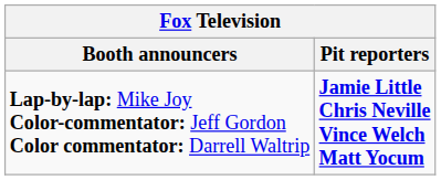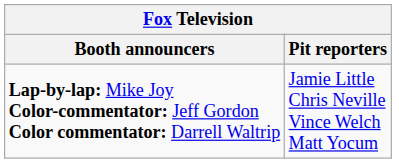 <table class="wikitable" style="font-size: 95%;">
 <tr>
 <th colspan="2"><a href='#'>Fox</a> Television</th>
 </tr>
 <tr>
 <th>Booth announcers</th>
 <th>Pit reporters</th>
 </tr>
 <tr>
 <td><strong>Lap-by-lap:</strong> <a href='#'>Mike Joy</a><br><strong>Color-commentator:</strong> <a href='#'>Jeff Gordon</a><br><strong>Color commentator:</strong> <a href='#'>Darrell Waltrip</a></td>
-<td><strong><a href='#'>Jamie Little</a><br><a href='#'>Chris Neville</a><br><a href='#'>Vince Welch</a><br><a href='#'>Matt Yocum</a></strong></td>
+<td><a href='#'>Jamie Little</a><br><a href='#'>Chris Neville</a><br><a href='#'>Vince Welch</a><br><a href='#'>Matt Yocum</a></td>
 </tr>
 </table>
